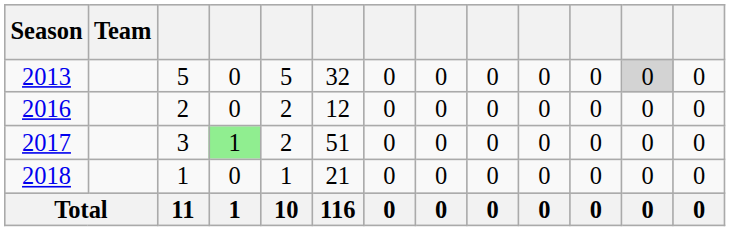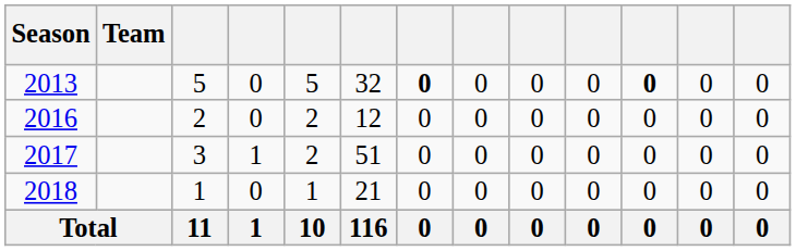 <table class="wikitable" style="text-align:center; line-height:90%; font-size:95%;">
 <tr style="line-height:175%;">
 <th>Season</th>
 <th>Team</th>
 <th style="width:25px;"></th>
 <th style="width:25px;"></th>
 <th style="width:25px;"></th>
 <th style="width:25px;"></th>
 <th style="width:25px;"></th>
 <th style="width:25px;"></th>
 <th style="width:25px;"></th>
 <th style="width:25px;"></th>
 <th style="width:25px;"></th>
 <th style="width:25px;"></th>
 <th style="width:25px;"></th>
 </tr>
 <tr>
 <td><a href='#'>2013</a></td>
 <td></td>
 <td>5</td>
 <td>0</td>
 <td>5</td>
 <td>32</td>
+<td><strong>0</strong></td>
 <td>0</td>
 <td>0</td>
 <td>0</td>
+<td><strong>0</strong></td>
 <td>0</td>
-<td>0</td>
-<td style="background: lightgrey;">0</td>
 <td>0</td>
 </tr>
 <tr>
 <td><a href='#'>2016</a></td>
 <td></td>
 <td>2</td>
 <td>0</td>
 <td>2</td>
 <td>12</td>
 <td>0</td>
 <td>0</td>
 <td>0</td>
 <td>0</td>
 <td>0</td>
 <td>0</td>
 <td>0</td>
 </tr>
 <tr>
 <td><a href='#'>2017</a></td>
 <td></td>
 <td>3</td>
-<td style="background: lightgreen;">1</td>
+<td>1</td>
 <td>2</td>
 <td>51</td>
 <td>0</td>
 <td>0</td>
 <td>0</td>
 <td>0</td>
 <td>0</td>
 <td>0</td>
 <td>0</td>
 </tr>
 <tr>
 <td><a href='#'>2018</a></td>
 <td></td>
 <td>1</td>
 <td>0</td>
 <td>1</td>
 <td>21</td>
 <td>0</td>
 <td>0</td>
 <td>0</td>
 <td>0</td>
 <td>0</td>
 <td>0</td>
 <td>0</td>
 </tr>
 <tr>
 <th colspan="2">Total</th>
 <th>11</th>
 <th>1</th>
 <th>10</th>
 <th>116</th>
 <th>0</th>
 <th>0</th>
 <th>0</th>
 <th>0</th>
 <th>0</th>
 <th>0</th>
 <th>0</th>
 </tr>
 </table>
